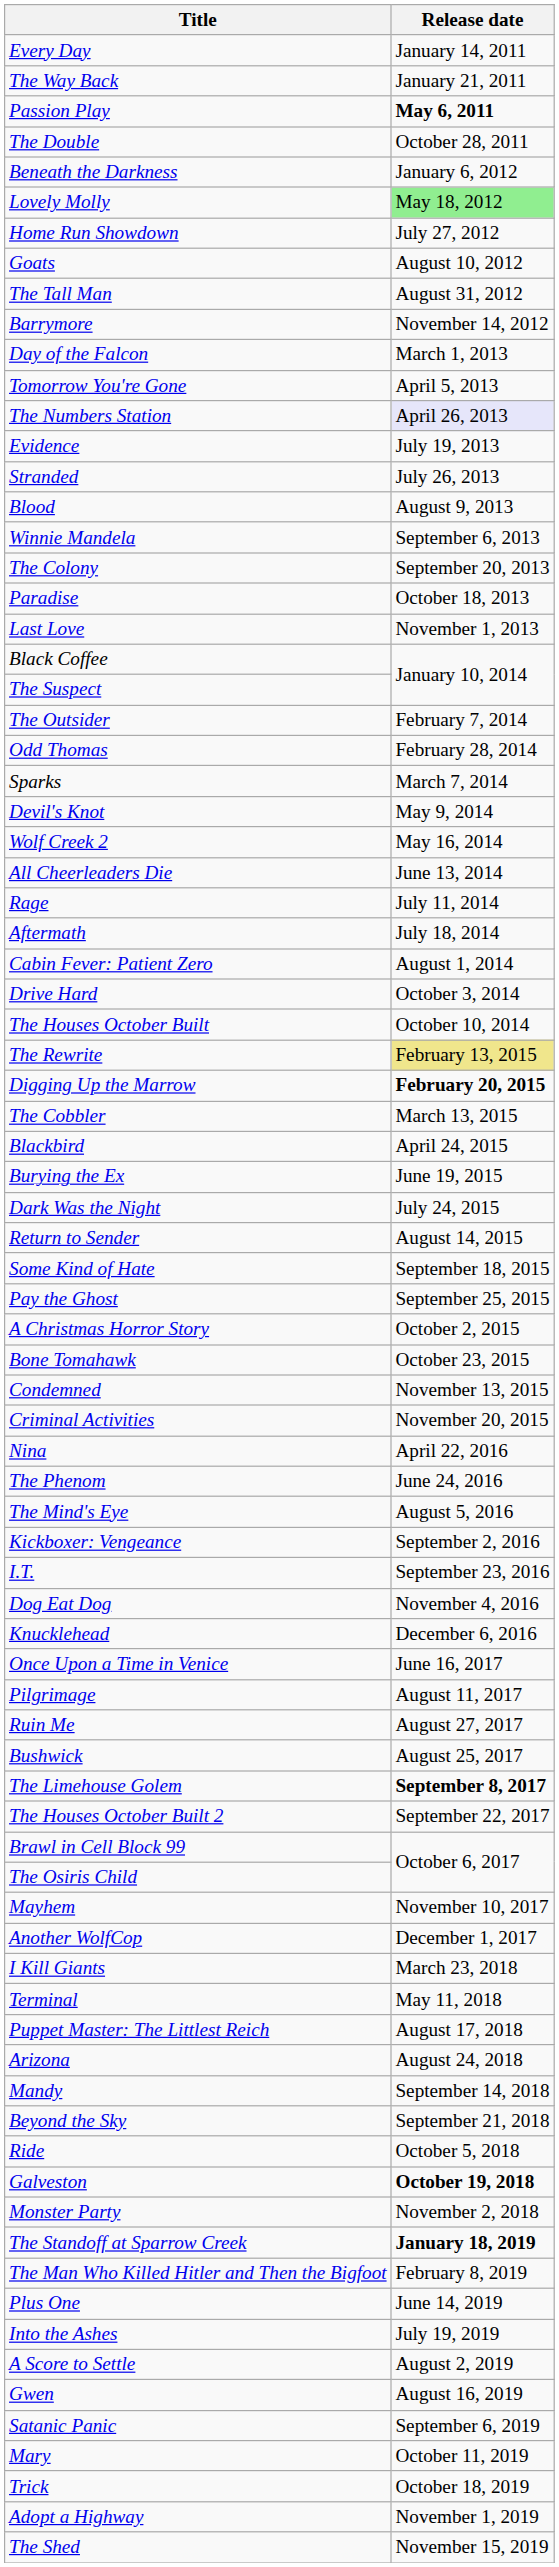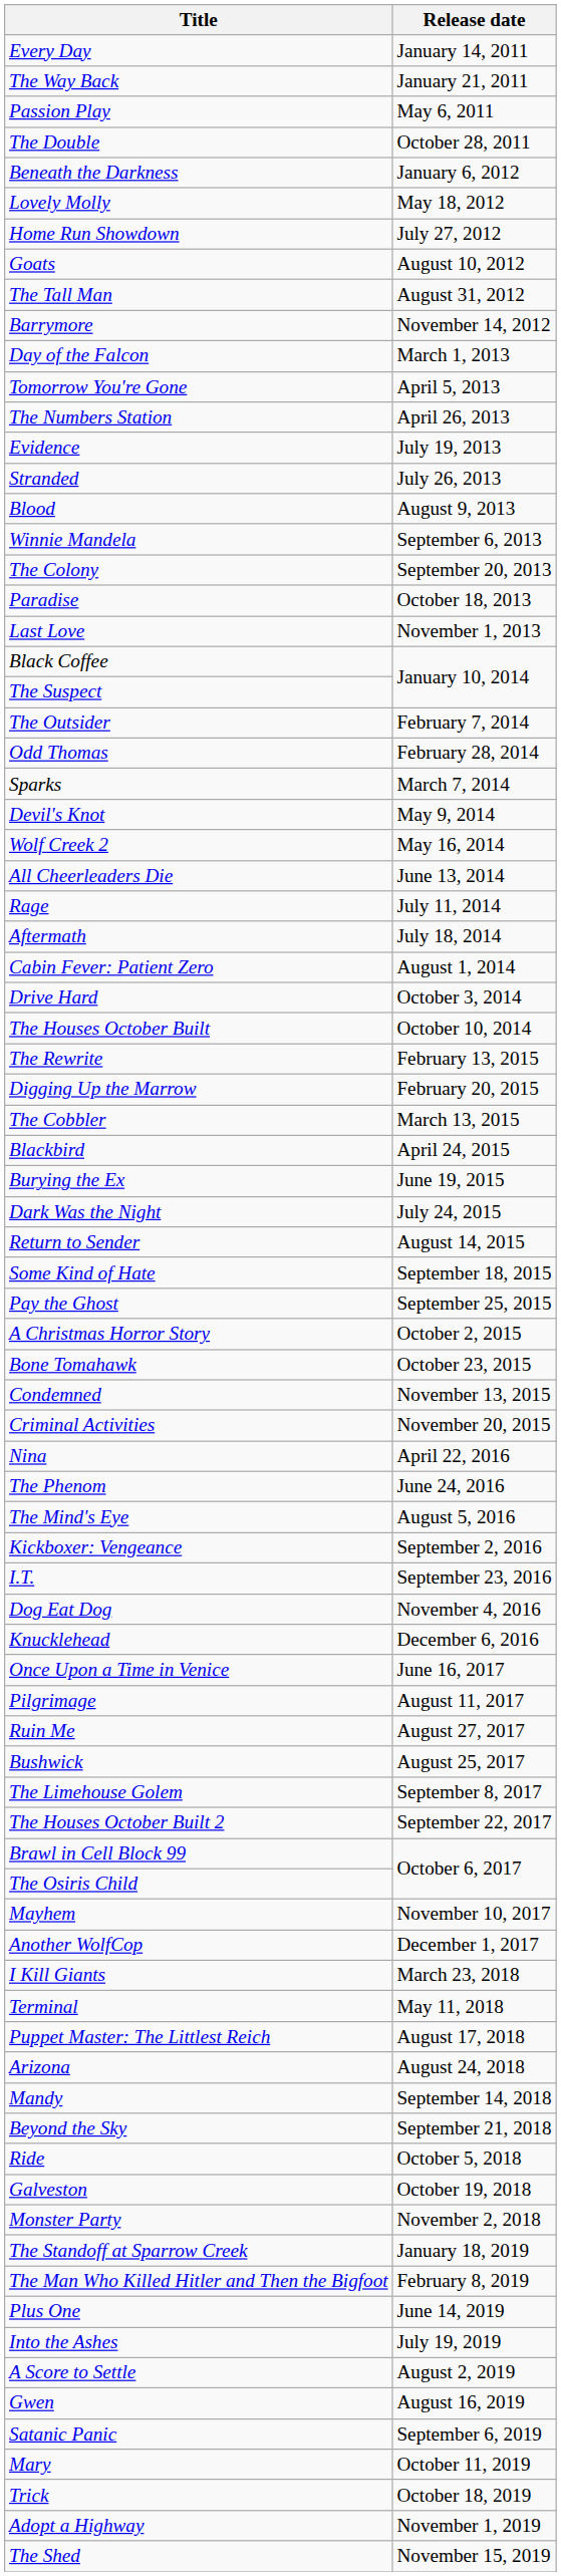 <table class="wikitable sortable">
 <tr>
 <th>Title</th>
 <th>Release date</th>
 </tr>
 <tr>
 <td><em><a href='#'>Every Day</a></em></td>
 <td>January 14, 2011</td>
 </tr>
 <tr>
 <td><em><a href='#'>The Way Back</a></em></td>
 <td>January 21, 2011</td>
 </tr>
 <tr>
 <td><em><a href='#'>Passion Play</a></em></td>
-<td><strong>May 6, 2011</strong></td>
+<td>May 6, 2011</td>
 </tr>
 <tr>
 <td><em><a href='#'>The Double</a></em></td>
 <td>October 28, 2011</td>
 </tr>
 <tr>
 <td><em><a href='#'>Beneath the Darkness</a></em></td>
 <td>January 6, 2012</td>
 </tr>
 <tr>
 <td><em><a href='#'>Lovely Molly</a></em></td>
-<td style="background: lightgreen;">May 18, 2012</td>
+<td>May 18, 2012</td>
 </tr>
 <tr>
 <td><em><a href='#'>Home Run Showdown</a></em></td>
 <td>July 27, 2012</td>
 </tr>
 <tr>
 <td><em><a href='#'>Goats</a></em></td>
 <td>August 10, 2012</td>
 </tr>
 <tr>
 <td><em><a href='#'>The Tall Man</a></em></td>
 <td>August 31, 2012</td>
 </tr>
 <tr>
 <td><em><a href='#'>Barrymore</a></em></td>
 <td>November 14, 2012</td>
 </tr>
 <tr>
 <td><em><a href='#'>Day of the Falcon</a></em></td>
 <td>March 1, 2013</td>
 </tr>
 <tr>
 <td><em><a href='#'>Tomorrow You're Gone</a></em></td>
 <td>April 5, 2013</td>
 </tr>
 <tr>
 <td><em><a href='#'>The Numbers Station</a></em></td>
-<td style="background: lavender;">April 26, 2013</td>
+<td>April 26, 2013</td>
 </tr>
 <tr>
 <td><em><a href='#'>Evidence</a></em></td>
 <td>July 19, 2013</td>
 </tr>
 <tr>
 <td><em><a href='#'>Stranded</a></em></td>
 <td>July 26, 2013</td>
 </tr>
 <tr>
 <td><em><a href='#'>Blood</a></em></td>
 <td>August 9, 2013</td>
 </tr>
 <tr>
 <td><em><a href='#'>Winnie Mandela</a></em></td>
 <td>September 6, 2013</td>
 </tr>
 <tr>
 <td><em><a href='#'>The Colony</a></em></td>
 <td>September 20, 2013</td>
 </tr>
 <tr>
 <td><em><a href='#'>Paradise</a></em></td>
 <td>October 18, 2013</td>
 </tr>
 <tr>
 <td><em><a href='#'>Last Love</a></em></td>
 <td>November 1, 2013</td>
 </tr>
 <tr>
 <td><em>Black Coffee</em></td>
 <td rowspan="2">January 10, 2014</td>
 </tr>
 <tr>
 <td><em><a href='#'>The Suspect</a></em></td>
 </tr>
 <tr>
 <td><em><a href='#'>The Outsider</a></em></td>
 <td>February 7, 2014</td>
 </tr>
 <tr>
 <td><em><a href='#'>Odd Thomas</a></em></td>
 <td>February 28, 2014</td>
 </tr>
 <tr>
 <td><em>Sparks</em></td>
 <td>March 7, 2014</td>
 </tr>
 <tr>
 <td><em><a href='#'>Devil's Knot</a></em></td>
 <td>May 9, 2014</td>
 </tr>
 <tr>
 <td><em><a href='#'>Wolf Creek 2</a></em></td>
 <td>May 16, 2014</td>
 </tr>
 <tr>
 <td><em><a href='#'>All Cheerleaders Die</a></em></td>
 <td>June 13, 2014</td>
 </tr>
 <tr>
 <td><em><a href='#'>Rage</a></em></td>
 <td>July 11, 2014</td>
 </tr>
 <tr>
 <td><em><a href='#'>Aftermath</a></em></td>
 <td>July 18, 2014</td>
 </tr>
 <tr>
 <td><em><a href='#'>Cabin Fever: Patient Zero</a></em></td>
 <td>August 1, 2014</td>
 </tr>
 <tr>
 <td><em><a href='#'>Drive Hard</a></em></td>
 <td>October 3, 2014</td>
 </tr>
 <tr>
 <td><em><a href='#'>The Houses October Built</a></em></td>
 <td>October 10, 2014</td>
 </tr>
 <tr>
 <td><em><a href='#'>The Rewrite</a></em></td>
-<td style="background: khaki;">February 13, 2015</td>
+<td>February 13, 2015</td>
 </tr>
 <tr>
 <td><em><a href='#'>Digging Up the Marrow</a></em></td>
-<td><strong>February 20, 2015</strong></td>
+<td>February 20, 2015</td>
 </tr>
 <tr>
 <td><em><a href='#'>The Cobbler</a></em></td>
 <td>March 13, 2015</td>
 </tr>
 <tr>
 <td><em><a href='#'>Blackbird</a></em></td>
 <td>April 24, 2015</td>
 </tr>
 <tr>
 <td><em><a href='#'>Burying the Ex</a></em></td>
 <td>June 19, 2015</td>
 </tr>
 <tr>
 <td><em><a href='#'>Dark Was the Night</a></em></td>
 <td>July 24, 2015</td>
 </tr>
 <tr>
 <td><em><a href='#'>Return to Sender</a></em></td>
 <td>August 14, 2015</td>
 </tr>
 <tr>
 <td><em><a href='#'>Some Kind of Hate</a></em></td>
 <td>September 18, 2015</td>
 </tr>
 <tr>
 <td><em><a href='#'>Pay the Ghost</a></em></td>
 <td>September 25, 2015</td>
 </tr>
 <tr>
 <td><em><a href='#'>A Christmas Horror Story</a></em></td>
 <td>October 2, 2015</td>
 </tr>
 <tr>
 <td><em><a href='#'>Bone Tomahawk</a></em></td>
 <td>October 23, 2015</td>
 </tr>
 <tr>
 <td><em><a href='#'>Condemned</a></em></td>
 <td>November 13, 2015</td>
 </tr>
 <tr>
 <td><em><a href='#'>Criminal Activities</a></em></td>
 <td>November 20, 2015</td>
 </tr>
 <tr>
 <td><em><a href='#'>Nina</a></em></td>
 <td>April 22, 2016</td>
 </tr>
 <tr>
 <td><em><a href='#'>The Phenom</a></em></td>
 <td>June 24, 2016</td>
 </tr>
 <tr>
 <td><em><a href='#'>The Mind's Eye</a></em></td>
 <td>August 5, 2016</td>
 </tr>
 <tr>
 <td><em><a href='#'>Kickboxer: Vengeance</a></em></td>
 <td>September 2, 2016</td>
 </tr>
 <tr>
 <td><em><a href='#'>I.T.</a></em></td>
 <td>September 23, 2016</td>
 </tr>
 <tr>
 <td><em><a href='#'>Dog Eat Dog</a></em></td>
 <td>November 4, 2016</td>
 </tr>
 <tr>
 <td><em><a href='#'>Knucklehead</a></em></td>
 <td>December 6, 2016</td>
 </tr>
 <tr>
 <td><em><a href='#'>Once Upon a Time in Venice</a></em></td>
 <td>June 16, 2017</td>
 </tr>
 <tr>
 <td><em><a href='#'>Pilgrimage</a></em></td>
 <td>August 11, 2017</td>
 </tr>
 <tr>
 <td><em><a href='#'>Ruin Me</a></em></td>
 <td>August 27, 2017</td>
 </tr>
 <tr>
 <td><em><a href='#'>Bushwick</a></em></td>
 <td>August 25, 2017</td>
 </tr>
 <tr>
 <td><em><a href='#'>The Limehouse Golem</a></em></td>
-<td><strong>September 8, 2017</strong></td>
+<td>September 8, 2017</td>
 </tr>
 <tr>
 <td><em><a href='#'>The Houses October Built 2</a></em></td>
 <td>September 22, 2017</td>
 </tr>
 <tr>
 <td><em><a href='#'>Brawl in Cell Block 99</a></em></td>
 <td rowspan="2">October 6, 2017</td>
 </tr>
 <tr>
 <td><em><a href='#'>The Osiris Child</a></em></td>
 </tr>
 <tr>
 <td><em><a href='#'>Mayhem</a></em></td>
 <td>November 10, 2017</td>
 </tr>
 <tr>
 <td><em><a href='#'>Another WolfCop</a></em></td>
 <td>December 1, 2017</td>
 </tr>
 <tr>
 <td><em><a href='#'>I Kill Giants</a></em></td>
 <td>March 23, 2018</td>
 </tr>
 <tr>
 <td><em><a href='#'>Terminal</a></em></td>
 <td>May 11, 2018</td>
 </tr>
 <tr>
 <td><em><a href='#'>Puppet Master: The Littlest Reich</a></em></td>
 <td>August 17, 2018</td>
 </tr>
 <tr>
 <td><em><a href='#'>Arizona</a></em></td>
 <td>August 24, 2018</td>
 </tr>
 <tr>
 <td><em><a href='#'>Mandy</a></em></td>
 <td>September 14, 2018</td>
 </tr>
 <tr>
 <td><em><a href='#'>Beyond the Sky</a></em></td>
 <td>September 21, 2018</td>
 </tr>
 <tr>
 <td><em><a href='#'>Ride</a></em></td>
 <td>October 5, 2018</td>
 </tr>
 <tr>
 <td><em><a href='#'>Galveston</a></em></td>
-<td><strong>October 19, 2018</strong></td>
+<td>October 19, 2018</td>
 </tr>
 <tr>
 <td><em><a href='#'>Monster Party</a></em></td>
 <td>November 2, 2018</td>
 </tr>
 <tr>
 <td><em><a href='#'>The Standoff at Sparrow Creek</a></em></td>
-<td><strong>January 18, 2019</strong></td>
+<td>January 18, 2019</td>
 </tr>
 <tr>
 <td><em><a href='#'>The Man Who Killed Hitler and Then the Bigfoot</a></em></td>
 <td>February 8, 2019</td>
 </tr>
 <tr>
 <td><em><a href='#'>Plus One</a></em></td>
 <td>June 14, 2019</td>
 </tr>
 <tr>
 <td><em><a href='#'>Into the Ashes</a></em></td>
 <td>July 19, 2019</td>
 </tr>
 <tr>
 <td><em><a href='#'>A Score to Settle</a></em></td>
 <td>August 2, 2019</td>
 </tr>
 <tr>
 <td><em><a href='#'>Gwen</a></em></td>
 <td>August 16, 2019</td>
 </tr>
 <tr>
 <td><em><a href='#'>Satanic Panic</a></em></td>
 <td>September 6, 2019</td>
 </tr>
 <tr>
 <td><a href='#'><em>Mary</em></a></td>
 <td>October 11, 2019</td>
 </tr>
 <tr>
 <td><a href='#'><em>Trick</em></a></td>
 <td>October 18, 2019</td>
 </tr>
 <tr>
 <td><em><a href='#'>Adopt a Highway</a></em></td>
 <td>November 1, 2019</td>
 </tr>
 <tr>
 <td><em><a href='#'>The Shed</a></em></td>
 <td>November 15, 2019</td>
 </tr>
 </table>
